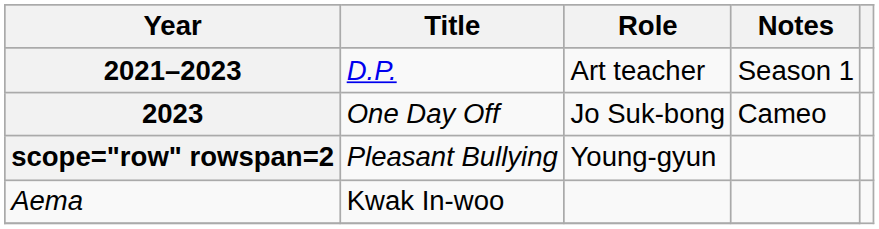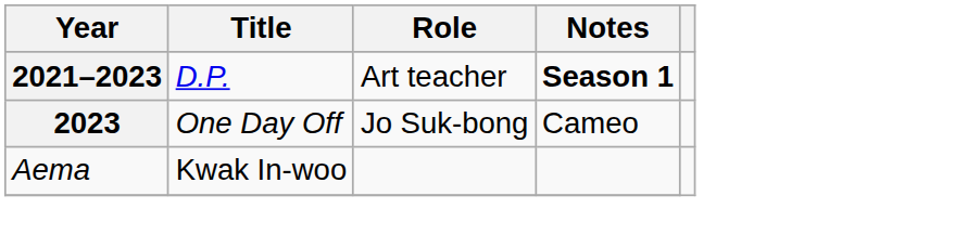 <table class="wikitable sortable plainrowheaders">
 <tr>
 <th scope="col">Year</th>
 <th scope="col">Title</th>
 <th scope="col">Role</th>
 <th>Notes</th>
 <th scope="col" class="unsortable"></th>
 </tr>
 <tr>
 <th scope="row">2021–2023</th>
 <td><em><a href='#'>D.P.</a></em></td>
 <td>Art teacher</td>
-<td>Season 1</td>
+<td><strong>Season 1</strong></td>
 <td></td>
 </tr>
 <tr>
 <th scope="row">2023</th>
 <td><em>One Day Off</em></td>
 <td>Jo Suk-bong</td>
 <td>Cameo</td>
-<td></td>
-</tr>
-<tr>
-<th>scope="row" rowspan=2 </th>
-<td><em>Pleasant Bullying</em></td>
-<td>Young-gyun</td>
-<td></td>
 <td></td>
 </tr>
 <tr>
 <td><em>Aema</em></td>
 <td>Kwak In-woo</td>
 <td></td>
 <td></td>
 </tr>
 <tr>
 </tr>
 </table>
